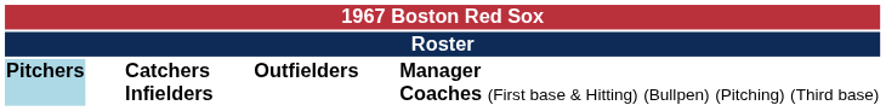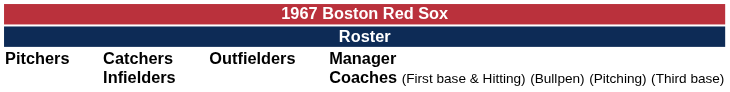 <table class="toccolours" style="text-align: left;">
 <tr>
 <th colspan="10" style="background:#ba313c; color:white; text-align:center;">1967 Boston Red Sox</th>
 </tr>
 <tr>
 <td colspan="10" style="background:#0d2b56; color:white; text-align:center;"><strong>Roster</strong></td>
 </tr>
 <tr>
-<td valign="top" style="background: lightblue;"><strong>Pitchers</strong><br>                  </td>
+<td valign="top"><strong>Pitchers</strong><br>                  </td>
 <td style="width:25px;"></td>
 <td valign="top"><strong>Catchers</strong><br>    <strong>Infielders</strong>          </td>
 <td style="width:25px;"></td>
 <td valign="top"><strong>Outfielders</strong><br>       </td>
 <td style="width:25px;"></td>
 <td valign="top"><strong>Manager</strong><br>  <strong>Coaches</strong>  <small>(First base & Hitting)</small>  <small>(Bullpen)</small>  <small>(Pitching)</small>  <small>(Third base)</small></td>
 </tr>
 </table>
